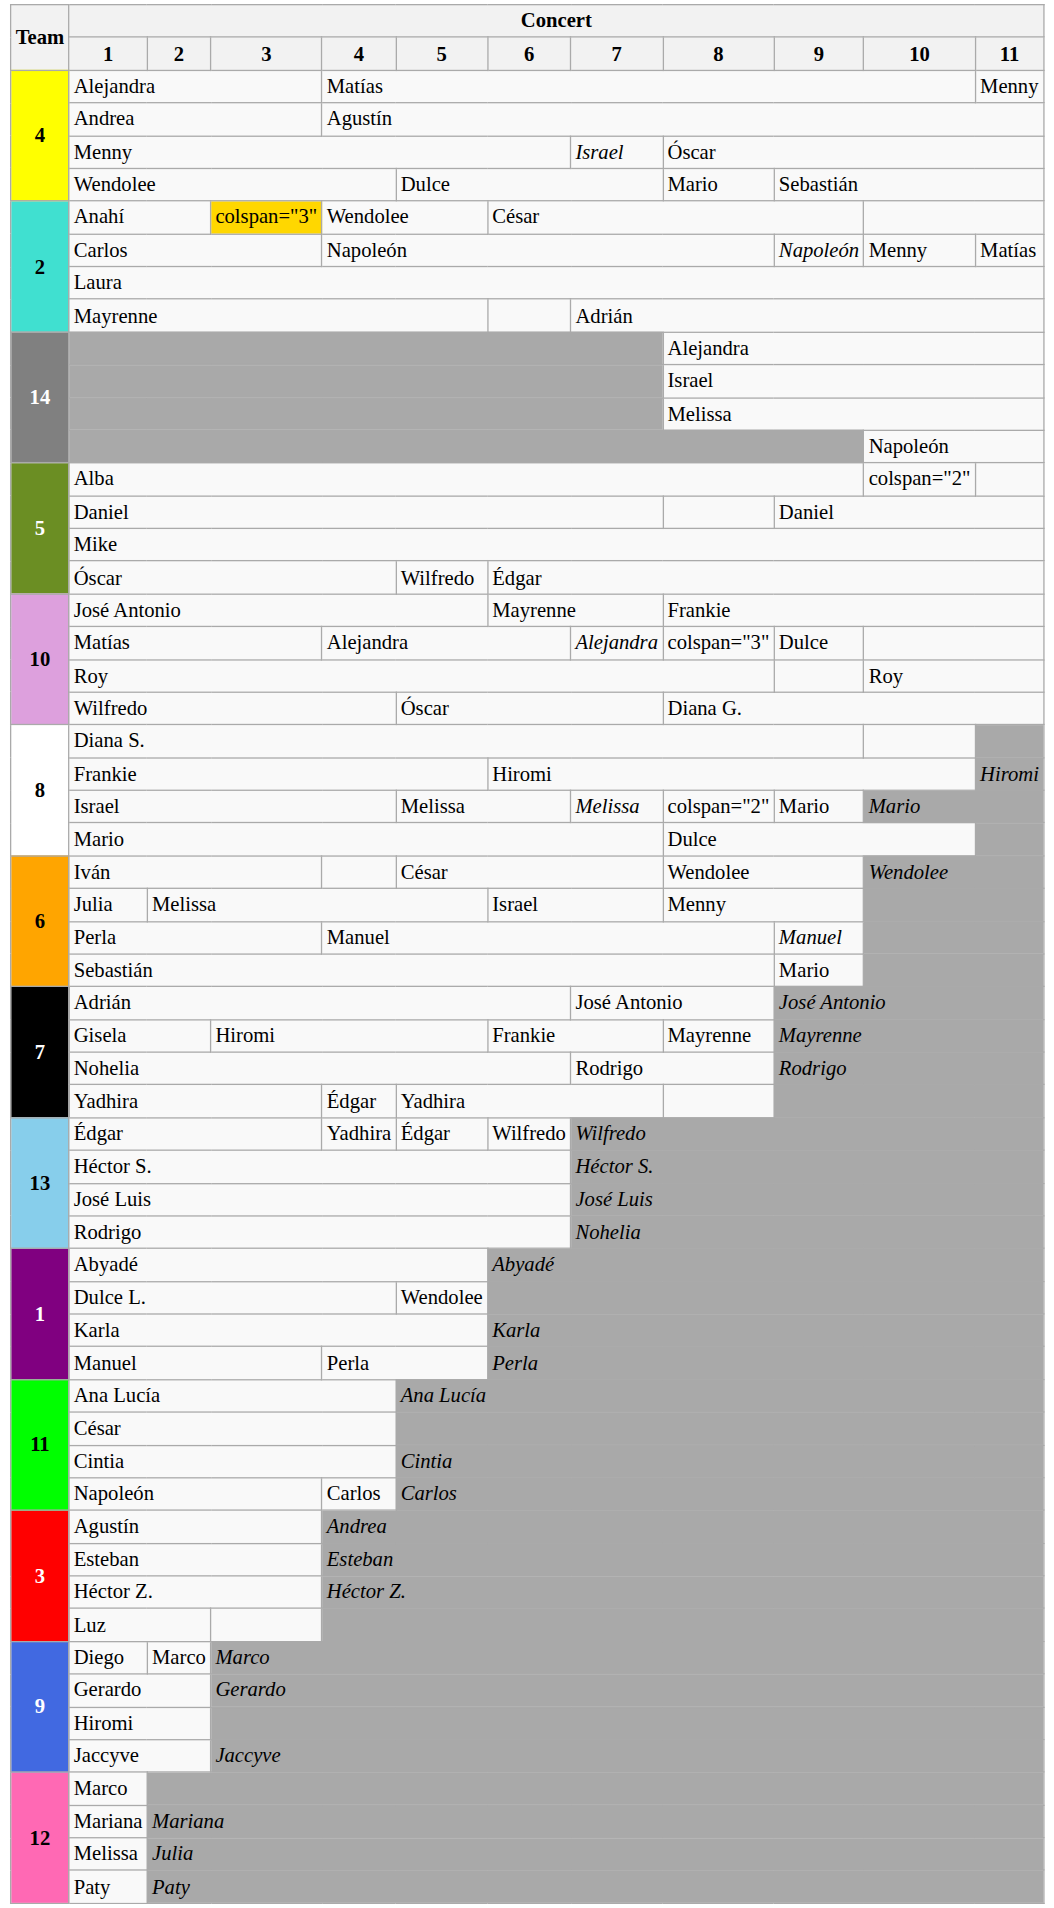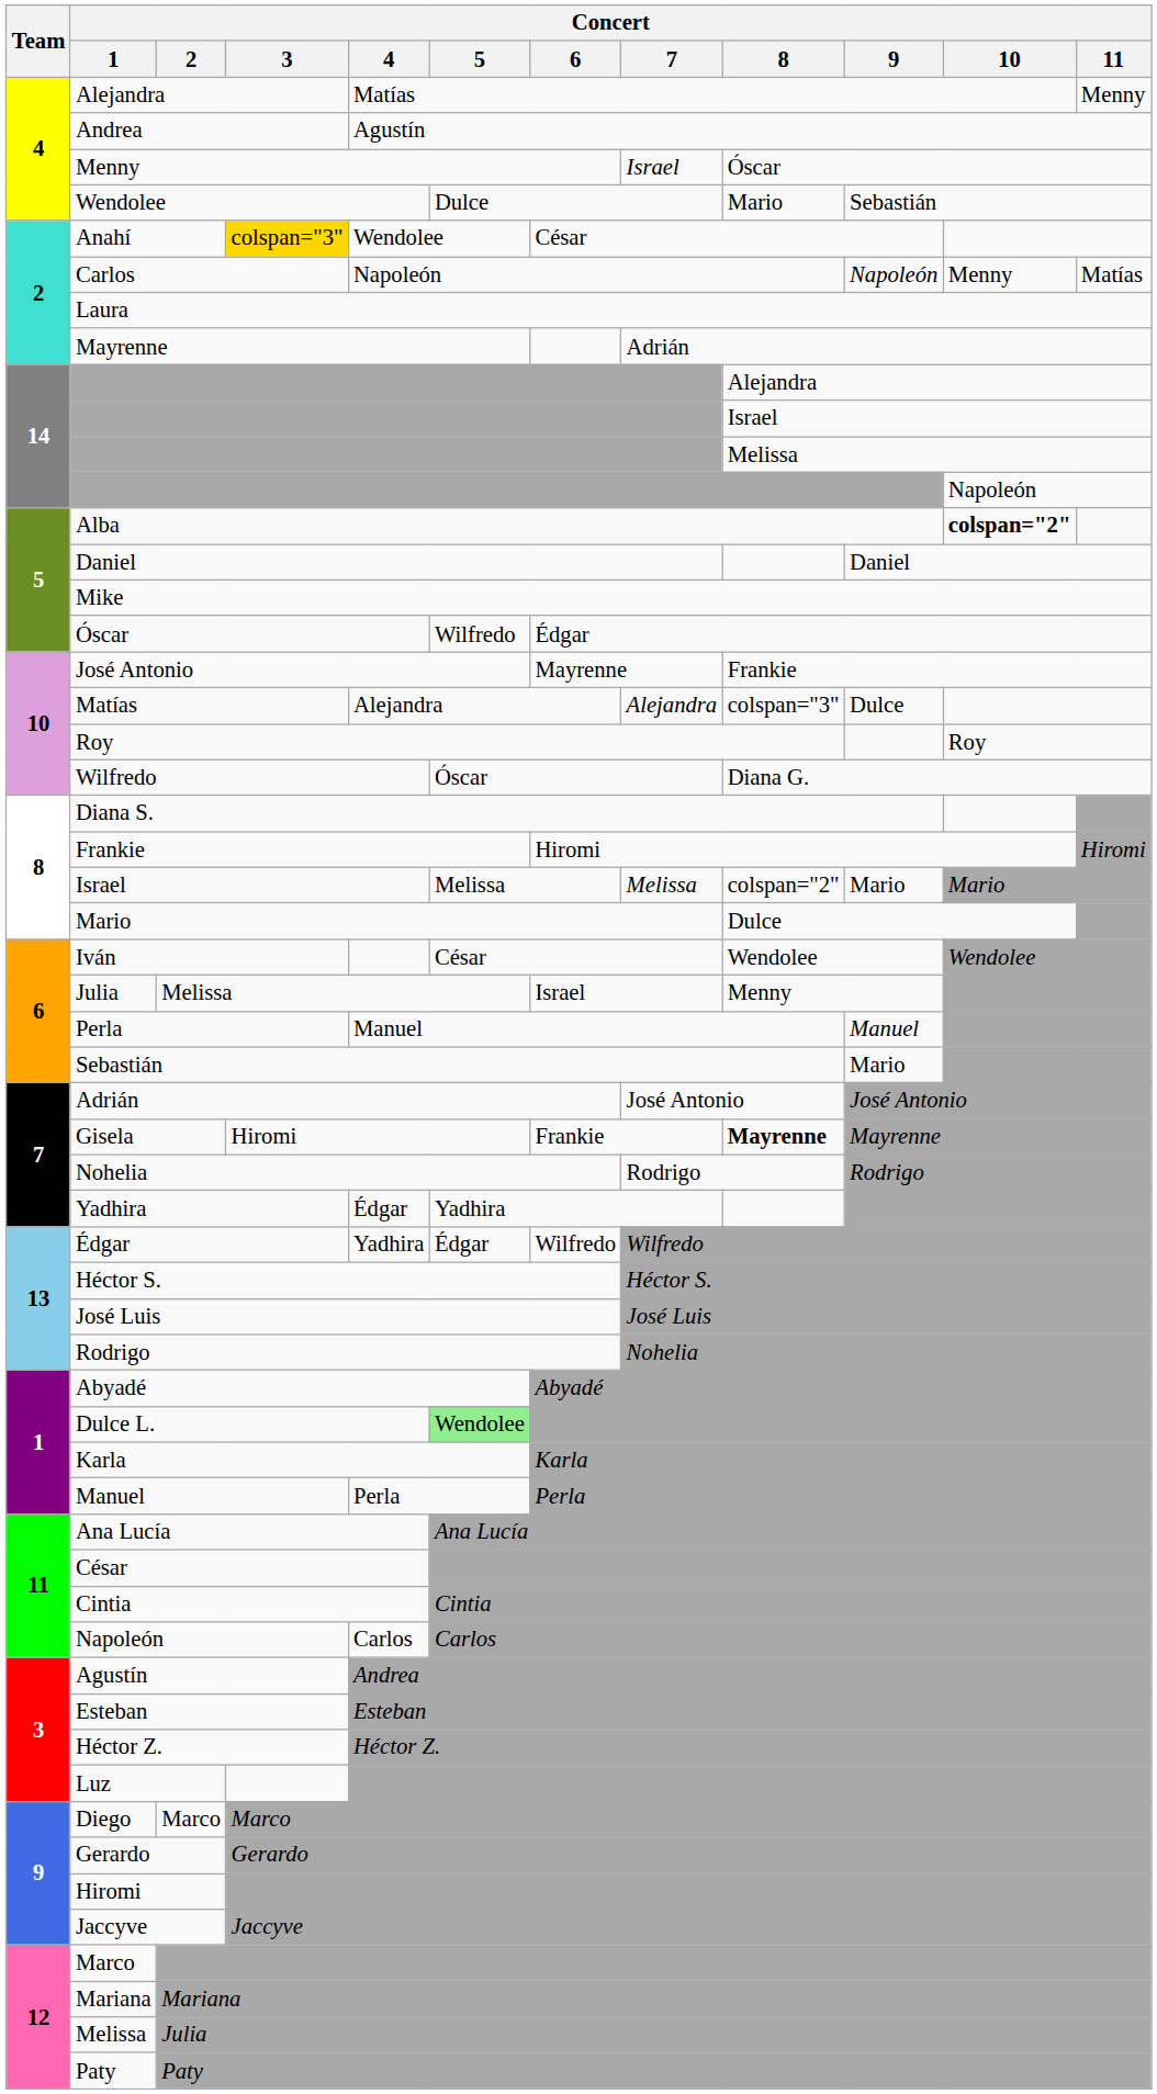 <table class="wikitable sortable" style="margin:auto;">
 <tr>
 <th scope="col" rowspan="2">Team</th>
 <th scope="col" colspan="100%">Concert</th>
 </tr>
 <tr>
 <th scope="col" class="unsortable">1</th>
 <th scope="col" class="unsortable">2</th>
 <th scope="col" class="unsortable">3</th>
 <th scope="col" class="unsortable">4</th>
 <th scope="col" class="unsortable">5</th>
 <th scope="col" class="unsortable">6</th>
 <th scope="col" class="unsortable">7</th>
 <th scope="col" class="unsortable">8</th>
 <th scope="col" class="unsortable">9</th>
 <th scope="col" class="unsortable">10</th>
 <th scope="col" class="unsortable">11</th>
 </tr>
 <tr>
 <th scope="row" rowspan="4" style="background:yellow; color:black;">4</th>
 <td colspan="3">Alejandra</td>
 <td colspan="7">Matías</td>
 <td>Menny</td>
 </tr>
 <tr>
 <td colspan="3">Andrea</td>
 <td colspan="8">Agustín</td>
 </tr>
 <tr>
 <td colspan="6">Menny</td>
 <td><em>Israel</em></td>
 <td colspan="4">Óscar</td>
 </tr>
 <tr>
 <td colspan="4">Wendolee</td>
 <td colspan="3">Dulce</td>
 <td>Mario</td>
 <td colspan="3">Sebastián</td>
 </tr>
 <tr>
 <th scope="row" rowspan="4" style="background:turquoise; color:black;">2</th>
 <td colspan="2">Anahí</td>
 <td style="background: gold;">colspan="3" </td>
 <td colspan="2">Wendolee</td>
 <td colspan="4">César</td>
 </tr>
 <tr>
 <td colspan="3">Carlos</td>
 <td colspan="5">Napoleón</td>
 <td><em>Napoleón</em></td>
 <td>Menny</td>
 <td>Matías</td>
 </tr>
 <tr>
 <td colspan="11">Laura</td>
 </tr>
 <tr>
 <td colspan="5">Mayrenne</td>
 <td></td>
 <td colspan="5">Adrián</td>
 </tr>
 <tr>
 <th scope="row" rowspan="4" style="background:gray; color:white;">14</th>
 <td colspan="7" style="background:darkgray;"></td>
 <td colspan="4">Alejandra</td>
 </tr>
 <tr>
 <td colspan="7" style="background:darkgray;"></td>
 <td colspan="4">Israel</td>
 </tr>
 <tr>
 <td colspan="7" style="background:darkgray;"></td>
 <td colspan="4">Melissa</td>
 </tr>
 <tr>
 <td colspan="9" style="background:darkgray;"></td>
 <td colspan="2">Napoleón</td>
 </tr>
 <tr>
 <th scope="row" rowspan="4" style="background:olivedrab; color:white;">5</th>
 <td colspan="9">Alba</td>
-<td>colspan="2" </td>
+<td><strong>colspan="2" </strong></td>
 </tr>
 <tr>
 <td colspan="7">Daniel</td>
 <td></td>
 <td colspan="3">Daniel</td>
 </tr>
 <tr>
 <td colspan="11">Mike</td>
 </tr>
 <tr>
 <td colspan="4">Óscar</td>
 <td>Wilfredo</td>
 <td colspan="6">Édgar</td>
 </tr>
 <tr>
 <th scope="row" rowspan="4" style="background:plum; color:black;">10</th>
 <td colspan="5">José Antonio</td>
 <td colspan="2">Mayrenne</td>
 <td colspan="4">Frankie</td>
 </tr>
 <tr>
 <td colspan="3">Matías</td>
 <td colspan="3">Alejandra</td>
 <td><em>Alejandra</em></td>
 <td>colspan="3" </td>
 <td>Dulce</td>
 </tr>
 <tr>
 <td colspan="8">Roy</td>
 <td></td>
 <td colspan="2">Roy</td>
 </tr>
 <tr>
 <td colspan="4">Wilfredo</td>
 <td colspan="3">Óscar</td>
 <td colspan="4">Diana G.</td>
 </tr>
 <tr>
 <th scope="row" rowspan="4" style="background:white; color:black;">8</th>
 <td colspan="9">Diana S.</td>
 <td></td>
 <td colspan="100%" style="background:darkgray;"></td>
 </tr>
 <tr>
 <td colspan="5">Frankie</td>
 <td colspan="5">Hiromi</td>
 <td colspan="100%" style="background:darkgray;"><em>Hiromi</em></td>
 </tr>
 <tr>
 <td colspan="4">Israel</td>
 <td colspan="2">Melissa</td>
 <td><em>Melissa</em></td>
 <td>colspan="2" </td>
 <td>Mario</td>
 <td colspan="100%" style="background:darkgray;"><em>Mario</em></td>
 </tr>
 <tr>
 <td colspan="7">Mario</td>
 <td colspan="3">Dulce</td>
 <td colspan="100%" style="background:darkgray;"></td>
 </tr>
 <tr>
 <th scope="row" rowspan="4" style="background:orange; color:black;">6</th>
 <td colspan="3">Iván</td>
 <td></td>
 <td colspan="3">César</td>
 <td colspan="2">Wendolee</td>
 <td colspan="100%" style="background:darkgray;"><em>Wendolee</em></td>
 </tr>
 <tr>
 <td>Julia</td>
 <td colspan="4">Melissa</td>
 <td colspan="2">Israel</td>
 <td colspan="2">Menny</td>
 <td colspan="100%" style="background:darkgray;"></td>
 </tr>
 <tr>
 <td colspan="3">Perla</td>
 <td colspan="5">Manuel</td>
 <td><em>Manuel</em></td>
 <td colspan="100%" style="background:darkgray;"></td>
 </tr>
 <tr>
 <td colspan="8">Sebastián</td>
 <td>Mario</td>
 <td colspan="100%" style="background:darkgray;"></td>
 </tr>
 <tr>
 <th scope="row" rowspan="4" style="background:black; color:white;">7</th>
 <td colspan="6">Adrián</td>
 <td colspan="2">José Antonio</td>
 <td colspan="100%" style="background:darkgray;"><em>José Antonio</em></td>
 </tr>
 <tr>
 <td colspan="2">Gisela</td>
 <td colspan="3">Hiromi</td>
 <td colspan="2">Frankie</td>
-<td colspan="1">Mayrenne</td>
+<td colspan="1"><strong>Mayrenne</strong></td>
 <td colspan="100%" style="background:darkgray;"><em>Mayrenne</em></td>
 </tr>
 <tr>
 <td colspan="6">Nohelia</td>
 <td colspan="2">Rodrigo</td>
 <td colspan="100%" style="background:darkgray;"><em>Rodrigo</em></td>
 </tr>
 <tr>
 <td colspan="3">Yadhira</td>
 <td colspan="1">Édgar</td>
 <td colspan="3">Yadhira</td>
 <td></td>
 <td colspan="100%" style="background:darkgray;"></td>
 </tr>
 <tr>
 <th scope="row" rowspan="4" style="background:skyblue; color:black;">13</th>
 <td colspan="3">Édgar</td>
 <td colspan="1">Yadhira</td>
 <td colspan="1">Édgar</td>
 <td colspan="1">Wilfredo</td>
 <td colspan="100%" style="background:darkgray;"><em>Wilfredo</em></td>
 </tr>
 <tr>
 <td colspan="6">Héctor S.</td>
 <td colspan="100%" style="background:darkgray;"><em>Héctor S.</em></td>
 </tr>
 <tr>
 <td colspan="6">José Luis</td>
 <td colspan="100%" style="background:darkgray;"><em>José Luis</em></td>
 </tr>
 <tr>
 <td colspan="6">Rodrigo</td>
 <td colspan="100%" style="background:darkgray;"><em>Nohelia</em></td>
 </tr>
 <tr>
 <th scope="row" rowspan="4" style="background:purple; color:white;">1</th>
 <td colspan="5">Abyadé</td>
 <td colspan="100%" style="background:darkgray;"><em>Abyadé</em></td>
 </tr>
 <tr>
 <td colspan="4">Dulce L.</td>
-<td colspan="1">Wendolee</td>
+<td colspan="1" style="background: lightgreen;">Wendolee</td>
 <td colspan="100%" style="background:darkgray;"></td>
 </tr>
 <tr>
 <td colspan="5">Karla</td>
 <td colspan="100%" style="background:darkgray;"><em>Karla</em></td>
 </tr>
 <tr>
 <td colspan="3">Manuel</td>
 <td colspan="2">Perla</td>
 <td colspan="100%" style="background:darkgray;"><em>Perla</em></td>
 </tr>
 <tr>
 <th scope="row" rowspan="4" style="background:lime; color:black;">11</th>
 <td colspan="4">Ana Lucía</td>
 <td colspan="100%" style="background:darkgray;"><em>Ana Lucía</em></td>
 </tr>
 <tr>
 <td colspan="4">César</td>
 <td colspan="100%" style="background:darkgray;"></td>
 </tr>
 <tr>
 <td colspan="4">Cintia</td>
 <td colspan="100%" style="background:darkgray;"><em>Cintia</em></td>
 </tr>
 <tr>
 <td colspan="3">Napoleón</td>
 <td colspan="1">Carlos</td>
 <td colspan="100%" style="background:darkgray;"><em>Carlos</em></td>
 </tr>
 <tr>
 <th scope="row" rowspan="4" style="background:red; color:white;">3</th>
 <td colspan="3">Agustín</td>
 <td colspan="100%" style="background:darkgray;"><em>Andrea</em></td>
 </tr>
 <tr>
 <td colspan="3">Esteban</td>
 <td colspan="100%" style="background:darkgray;"><em>Esteban</em></td>
 </tr>
 <tr>
 <td colspan="3">Héctor Z.</td>
 <td colspan="100%" style="background:darkgray;"><em>Héctor Z.</em></td>
 </tr>
 <tr>
 <td colspan="2">Luz</td>
 <td></td>
 <td colspan="100%" style="background:darkgray;"></td>
 </tr>
 <tr>
 <th scope="row" rowspan="4" style="background:royalblue; color:white;">9</th>
 <td>Diego</td>
 <td>Marco</td>
 <td colspan="100%" style="background:darkgray;"><em>Marco</em></td>
 </tr>
 <tr>
 <td colspan="2">Gerardo</td>
 <td colspan="100%" style="background:darkgray;"><em>Gerardo</em></td>
 </tr>
 <tr>
 <td colspan="2">Hiromi</td>
 <td colspan="100%" style="background:darkgray;"></td>
 </tr>
 <tr>
 <td colspan="2">Jaccyve</td>
 <td colspan="100%" style="background:darkgray;"><em>Jaccyve</em></td>
 </tr>
 <tr>
 <th scope="row" rowspan="4" style="background:hotpink; color:black;">12</th>
 <td>Marco</td>
 <td colspan="100%" style="background:darkgray;"></td>
 </tr>
 <tr>
 <td>Mariana</td>
 <td colspan="100%" style="background:darkgray;"><em>Mariana</em></td>
 </tr>
 <tr>
 <td>Melissa</td>
 <td colspan="100%" style="background:darkgray;"><em>Julia</em></td>
 </tr>
 <tr>
 <td>Paty</td>
 <td colspan="100%" style="background:darkgray;"><em>Paty</em></td>
 </tr>
 </table>
